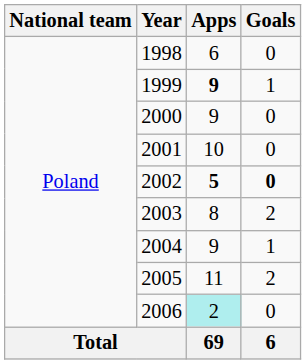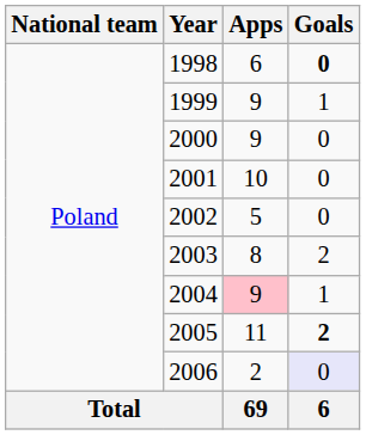 <table class="wikitable" style="text-align:center">
 <tr>
 <th>National team</th>
 <th>Year</th>
 <th>Apps</th>
 <th>Goals</th>
 </tr>
 <tr>
 <td rowspan="9"><a href='#'>Poland</a></td>
 <td>1998</td>
 <td>6</td>
-<td>0</td>
+<td><strong>0</strong></td>
 </tr>
 <tr>
 <td>1999</td>
-<td><strong>9</strong></td>
+<td>9</td>
 <td>1</td>
 </tr>
 <tr>
 <td>2000</td>
 <td>9</td>
 <td>0</td>
 </tr>
 <tr>
 <td>2001</td>
 <td>10</td>
 <td>0</td>
 </tr>
 <tr>
 <td>2002</td>
-<td><strong>5</strong></td>
-<td><strong>0</strong></td>
+<td>5</td>
+<td>0</td>
 </tr>
 <tr>
 <td>2003</td>
 <td>8</td>
 <td>2</td>
 </tr>
 <tr>
 <td>2004</td>
-<td>9</td>
+<td style="background: pink;">9</td>
 <td>1</td>
 </tr>
 <tr>
 <td>2005</td>
 <td>11</td>
-<td>2</td>
+<td><strong>2</strong></td>
 </tr>
 <tr>
 <td>2006</td>
-<td style="background: paleturquoise;">2</td>
-<td>0</td>
+<td>2</td>
+<td style="background: lavender;">0</td>
 </tr>
 <tr>
 <th colspan="2">Total</th>
 <th>69</th>
 <th>6</th>
 </tr>
 </table>
